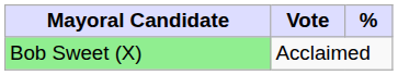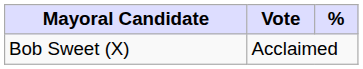 <table class="wikitable">
 <tr>
 <th style="background:#ddf; width:200px;">Mayoral Candidate</th>
 <th style="background:#ddf; width:50px;">Vote</th>
 <th style="background:#ddf; width:30px;">%</th>
 </tr>
 <tr>
-<td style="background: lightgreen;">Bob Sweet (X)</td>
+<td>Bob Sweet (X)</td>
 <td colspan="2">Acclaimed</td>
 </tr>
 </table>
